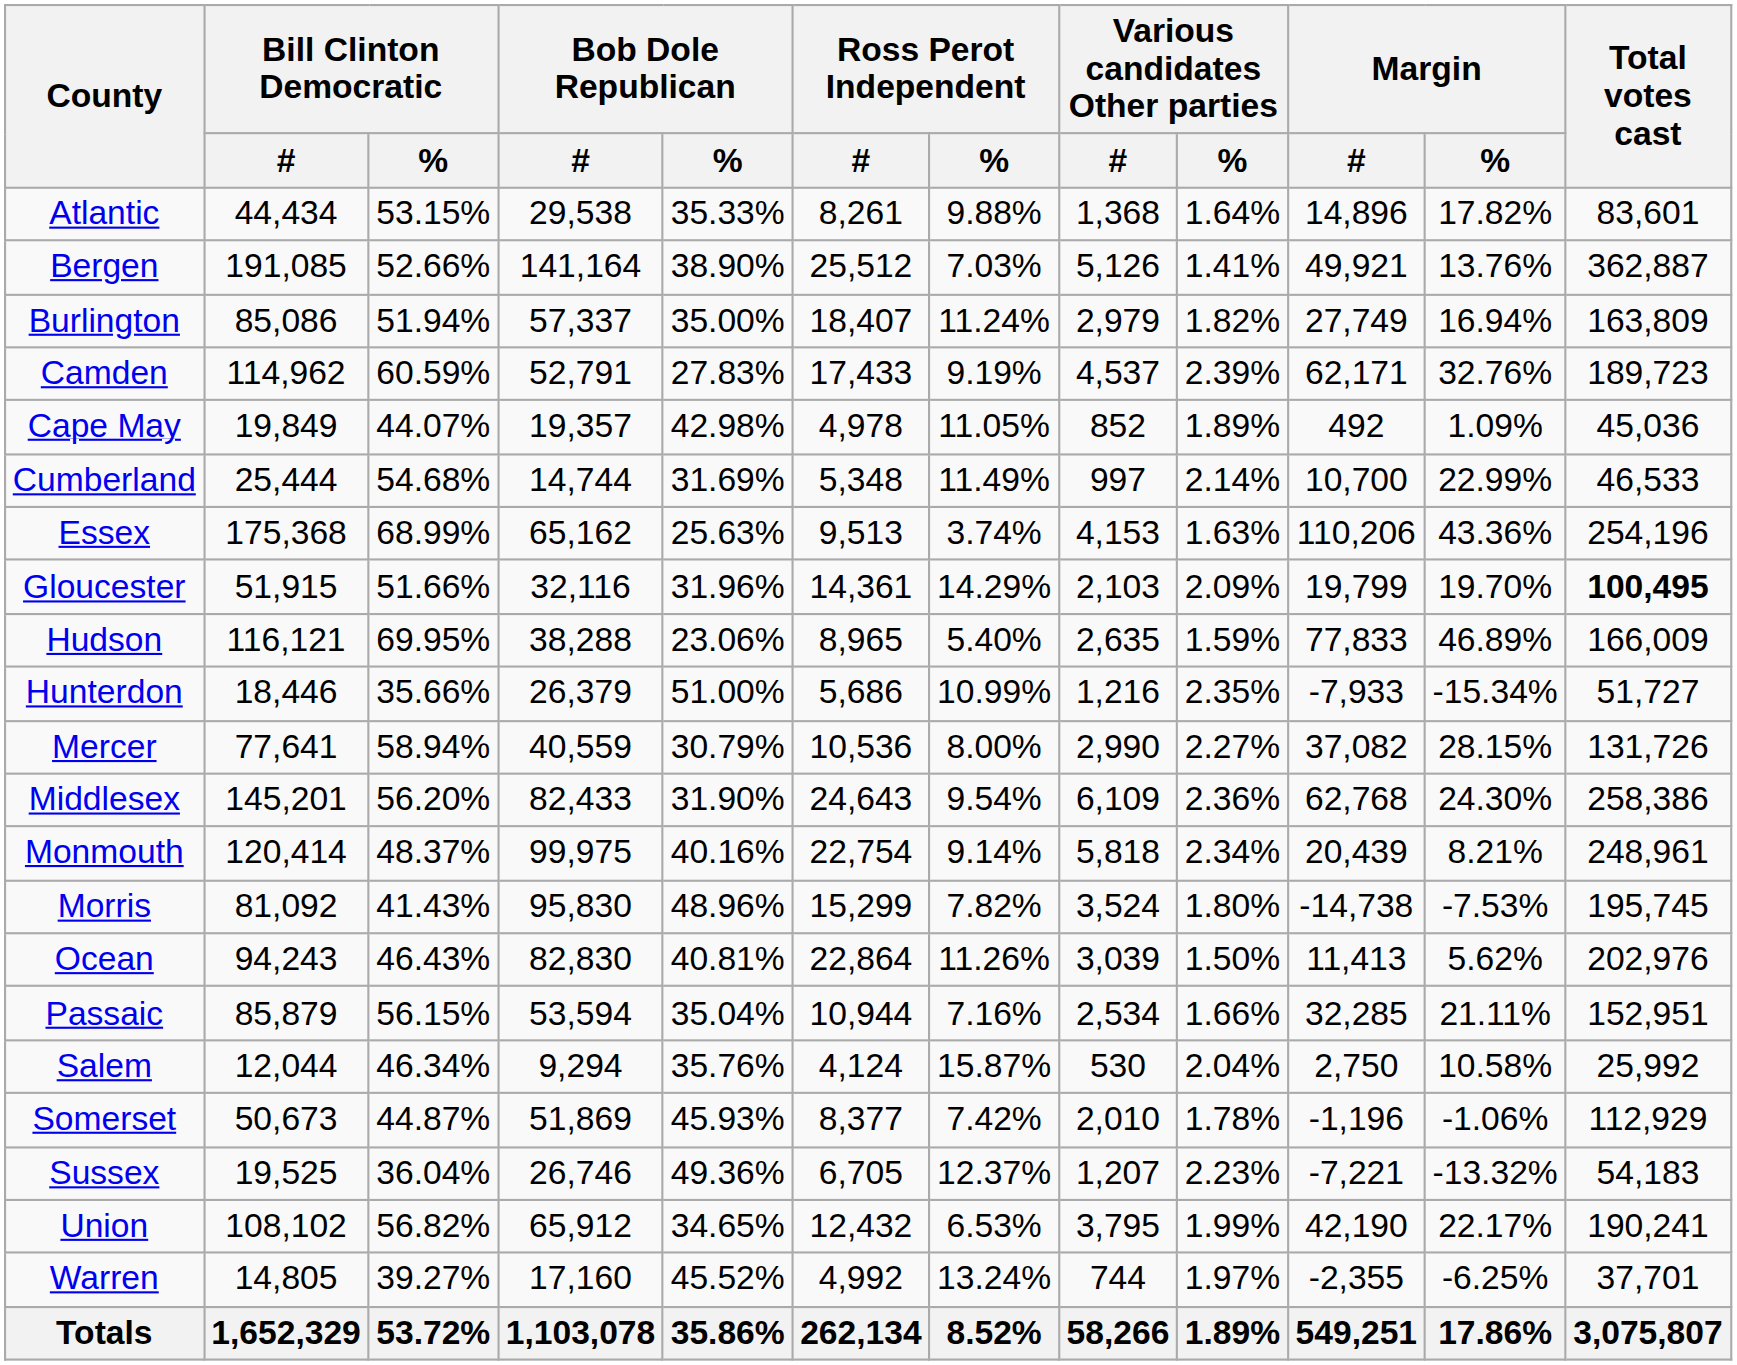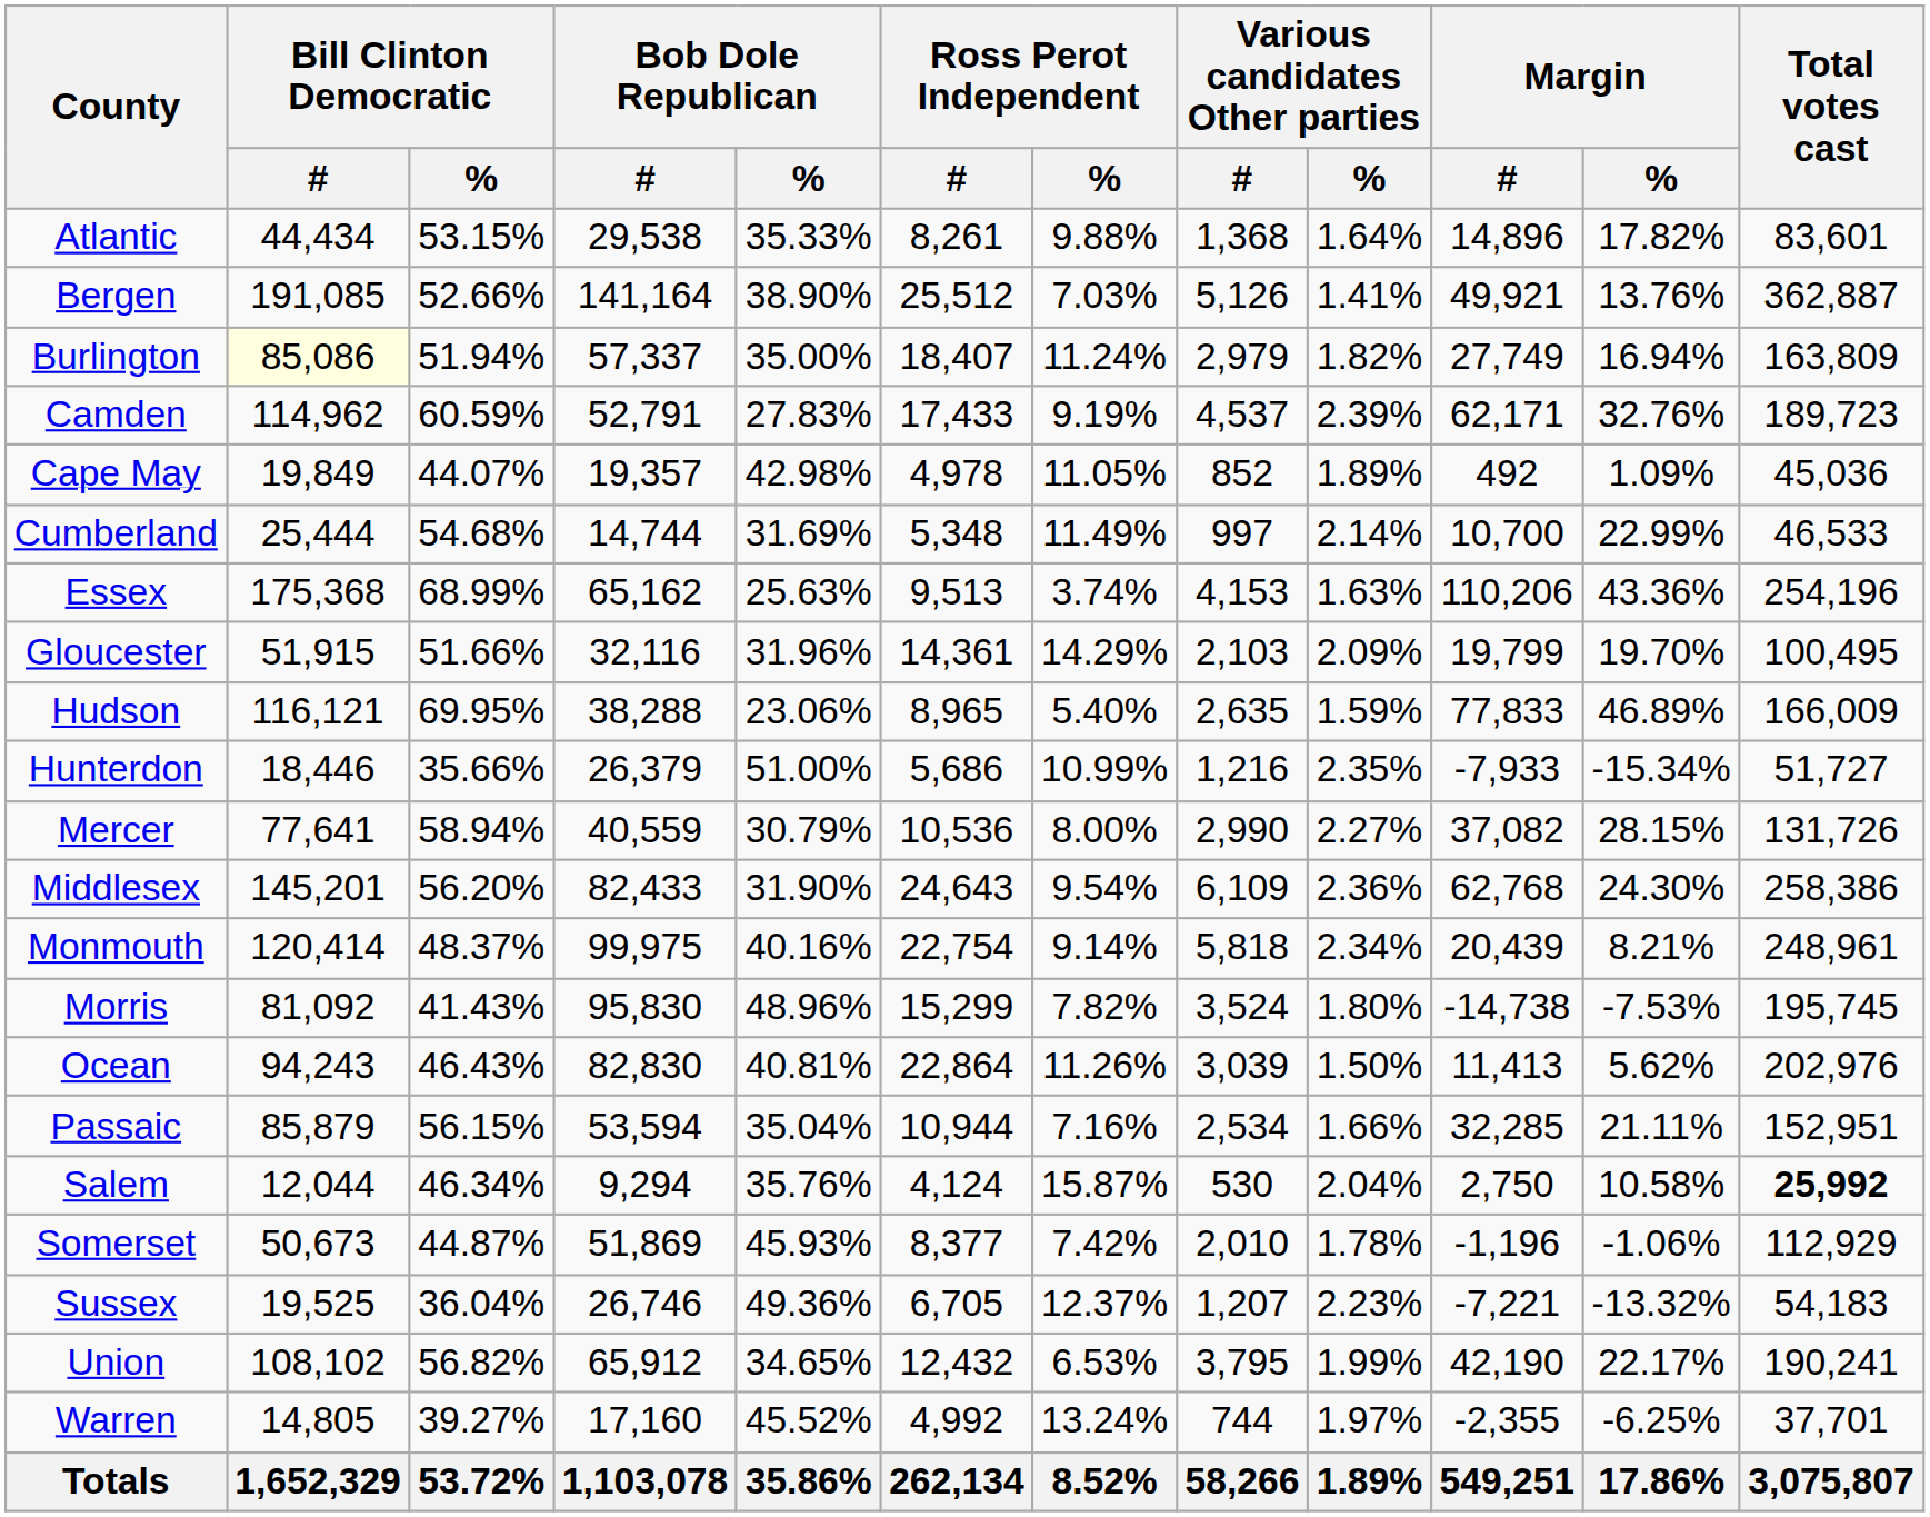 <table width="65%"  class="wikitable sortable" style="text-align:center">
 <tr>
 <th style="text-align:center;" rowspan="2">County</th>
 <th style="text-align:center;" colspan="2">Bill Clinton<br>Democratic</th>
 <th style="text-align:center;" colspan="2">Bob Dole<br>Republican</th>
 <th style="text-align:center;" colspan="2">Ross Perot<br>Independent</th>
 <th style="text-align:center;" colspan="2">Various candidates<br>Other parties</th>
 <th style="text-align:center;" colspan="2">Margin</th>
 <th style="text-align:center;" rowspan="2">Total votes cast</th>
 </tr>
 <tr>
 <th style="text-align:center;" data-sort-type="number">#</th>
 <th style="text-align:center;" data-sort-type="number">%</th>
 <th style="text-align:center;" data-sort-type="number">#</th>
 <th style="text-align:center;" data-sort-type="number">%</th>
 <th style="text-align:center;" data-sort-type="number">#</th>
 <th style="text-align:center;" data-sort-type="number">%</th>
 <th style="text-align:center;" data-sort-type="number">#</th>
 <th style="text-align:center;" data-sort-type="number">%</th>
 <th style="text-align:center;" data-sort-type="number">#</th>
 <th style="text-align:center;" data-sort-type="number">%</th>
 </tr>
 <tr style="text-align:center;">
 <td><a href='#'>Atlantic</a></td>
 <td>44,434</td>
 <td>53.15%</td>
 <td>29,538</td>
 <td>35.33%</td>
 <td>8,261</td>
 <td>9.88%</td>
 <td>1,368</td>
 <td>1.64%</td>
 <td>14,896</td>
 <td>17.82%</td>
 <td>83,601</td>
 </tr>
 <tr style="text-align:center;">
 <td><a href='#'>Bergen</a></td>
 <td>191,085</td>
 <td>52.66%</td>
 <td>141,164</td>
 <td>38.90%</td>
 <td>25,512</td>
 <td>7.03%</td>
 <td>5,126</td>
 <td>1.41%</td>
 <td>49,921</td>
 <td>13.76%</td>
 <td>362,887</td>
 </tr>
 <tr style="text-align:center;">
 <td><a href='#'>Burlington</a></td>
-<td>85,086</td>
+<td style="background: lightyellow;">85,086</td>
 <td>51.94%</td>
 <td>57,337</td>
 <td>35.00%</td>
 <td>18,407</td>
 <td>11.24%</td>
 <td>2,979</td>
 <td>1.82%</td>
 <td>27,749</td>
 <td>16.94%</td>
 <td>163,809</td>
 </tr>
 <tr style="text-align:center;">
 <td><a href='#'>Camden</a></td>
 <td>114,962</td>
 <td>60.59%</td>
 <td>52,791</td>
 <td>27.83%</td>
 <td>17,433</td>
 <td>9.19%</td>
 <td>4,537</td>
 <td>2.39%</td>
 <td>62,171</td>
 <td>32.76%</td>
 <td>189,723</td>
 </tr>
 <tr style="text-align:center;">
 <td><a href='#'>Cape May</a></td>
 <td>19,849</td>
 <td>44.07%</td>
 <td>19,357</td>
 <td>42.98%</td>
 <td>4,978</td>
 <td>11.05%</td>
 <td>852</td>
 <td>1.89%</td>
 <td>492</td>
 <td>1.09%</td>
 <td>45,036</td>
 </tr>
 <tr style="text-align:center;">
 <td><a href='#'>Cumberland</a></td>
 <td>25,444</td>
 <td>54.68%</td>
 <td>14,744</td>
 <td>31.69%</td>
 <td>5,348</td>
 <td>11.49%</td>
 <td>997</td>
 <td>2.14%</td>
 <td>10,700</td>
 <td>22.99%</td>
 <td>46,533</td>
 </tr>
 <tr style="text-align:center;">
 <td><a href='#'>Essex</a></td>
 <td>175,368</td>
 <td>68.99%</td>
 <td>65,162</td>
 <td>25.63%</td>
 <td>9,513</td>
 <td>3.74%</td>
 <td>4,153</td>
 <td>1.63%</td>
 <td>110,206</td>
 <td>43.36%</td>
 <td>254,196</td>
 </tr>
 <tr style="text-align:center;">
 <td><a href='#'>Gloucester</a></td>
 <td>51,915</td>
 <td>51.66%</td>
 <td>32,116</td>
 <td>31.96%</td>
 <td>14,361</td>
 <td>14.29%</td>
 <td>2,103</td>
 <td>2.09%</td>
 <td>19,799</td>
 <td>19.70%</td>
-<td><strong>100,495</strong></td>
+<td>100,495</td>
 </tr>
 <tr style="text-align:center;">
 <td><a href='#'>Hudson</a></td>
 <td>116,121</td>
 <td>69.95%</td>
 <td>38,288</td>
 <td>23.06%</td>
 <td>8,965</td>
 <td>5.40%</td>
 <td>2,635</td>
 <td>1.59%</td>
 <td>77,833</td>
 <td>46.89%</td>
 <td>166,009</td>
 </tr>
 <tr style="text-align:center;">
 <td><a href='#'>Hunterdon</a></td>
 <td>18,446</td>
 <td>35.66%</td>
 <td>26,379</td>
 <td>51.00%</td>
 <td>5,686</td>
 <td>10.99%</td>
 <td>1,216</td>
 <td>2.35%</td>
 <td>-7,933</td>
 <td>-15.34%</td>
 <td>51,727</td>
 </tr>
 <tr style="text-align:center;">
 <td><a href='#'>Mercer</a></td>
 <td>77,641</td>
 <td>58.94%</td>
 <td>40,559</td>
 <td>30.79%</td>
 <td>10,536</td>
 <td>8.00%</td>
 <td>2,990</td>
 <td>2.27%</td>
 <td>37,082</td>
 <td>28.15%</td>
 <td>131,726</td>
 </tr>
 <tr style="text-align:center;">
 <td><a href='#'>Middlesex</a></td>
 <td>145,201</td>
 <td>56.20%</td>
 <td>82,433</td>
 <td>31.90%</td>
 <td>24,643</td>
 <td>9.54%</td>
 <td>6,109</td>
 <td>2.36%</td>
 <td>62,768</td>
 <td>24.30%</td>
 <td>258,386</td>
 </tr>
 <tr style="text-align:center;">
 <td><a href='#'>Monmouth</a></td>
 <td>120,414</td>
 <td>48.37%</td>
 <td>99,975</td>
 <td>40.16%</td>
 <td>22,754</td>
 <td>9.14%</td>
 <td>5,818</td>
 <td>2.34%</td>
 <td>20,439</td>
 <td>8.21%</td>
 <td>248,961</td>
 </tr>
 <tr style="text-align:center;">
 <td><a href='#'>Morris</a></td>
 <td>81,092</td>
 <td>41.43%</td>
 <td>95,830</td>
 <td>48.96%</td>
 <td>15,299</td>
 <td>7.82%</td>
 <td>3,524</td>
 <td>1.80%</td>
 <td>-14,738</td>
 <td>-7.53%</td>
 <td>195,745</td>
 </tr>
 <tr style="text-align:center;">
 <td><a href='#'>Ocean</a></td>
 <td>94,243</td>
 <td>46.43%</td>
 <td>82,830</td>
 <td>40.81%</td>
 <td>22,864</td>
 <td>11.26%</td>
 <td>3,039</td>
 <td>1.50%</td>
 <td>11,413</td>
 <td>5.62%</td>
 <td>202,976</td>
 </tr>
 <tr style="text-align:center;">
 <td><a href='#'>Passaic</a></td>
 <td>85,879</td>
 <td>56.15%</td>
 <td>53,594</td>
 <td>35.04%</td>
 <td>10,944</td>
 <td>7.16%</td>
 <td>2,534</td>
 <td>1.66%</td>
 <td>32,285</td>
 <td>21.11%</td>
 <td>152,951</td>
 </tr>
 <tr style="text-align:center;">
 <td><a href='#'>Salem</a></td>
 <td>12,044</td>
 <td>46.34%</td>
 <td>9,294</td>
 <td>35.76%</td>
 <td>4,124</td>
 <td>15.87%</td>
 <td>530</td>
 <td>2.04%</td>
 <td>2,750</td>
 <td>10.58%</td>
-<td>25,992</td>
+<td><strong>25,992</strong></td>
 </tr>
 <tr style="text-align:center;">
 <td><a href='#'>Somerset</a></td>
 <td>50,673</td>
 <td>44.87%</td>
 <td>51,869</td>
 <td>45.93%</td>
 <td>8,377</td>
 <td>7.42%</td>
 <td>2,010</td>
 <td>1.78%</td>
 <td>-1,196</td>
 <td>-1.06%</td>
 <td>112,929</td>
 </tr>
 <tr style="text-align:center;">
 <td><a href='#'>Sussex</a></td>
 <td>19,525</td>
 <td>36.04%</td>
 <td>26,746</td>
 <td>49.36%</td>
 <td>6,705</td>
 <td>12.37%</td>
 <td>1,207</td>
 <td>2.23%</td>
 <td>-7,221</td>
 <td>-13.32%</td>
 <td>54,183</td>
 </tr>
 <tr style="text-align:center;">
 <td><a href='#'>Union</a></td>
 <td>108,102</td>
 <td>56.82%</td>
 <td>65,912</td>
 <td>34.65%</td>
 <td>12,432</td>
 <td>6.53%</td>
 <td>3,795</td>
 <td>1.99%</td>
 <td>42,190</td>
 <td>22.17%</td>
 <td>190,241</td>
 </tr>
 <tr style="text-align:center;">
 <td><a href='#'>Warren</a></td>
 <td>14,805</td>
 <td>39.27%</td>
 <td>17,160</td>
 <td>45.52%</td>
 <td>4,992</td>
 <td>13.24%</td>
 <td>744</td>
 <td>1.97%</td>
 <td>-2,355</td>
 <td>-6.25%</td>
 <td>37,701</td>
 </tr>
 <tr style="text-align:center;">
 <th>Totals</th>
 <th>1,652,329</th>
 <th>53.72%</th>
 <th>1,103,078</th>
 <th>35.86%</th>
 <th>262,134</th>
 <th>8.52%</th>
 <th>58,266</th>
 <th>1.89%</th>
 <th>549,251</th>
 <th>17.86%</th>
 <th>3,075,807</th>
 </tr>
 </table>
